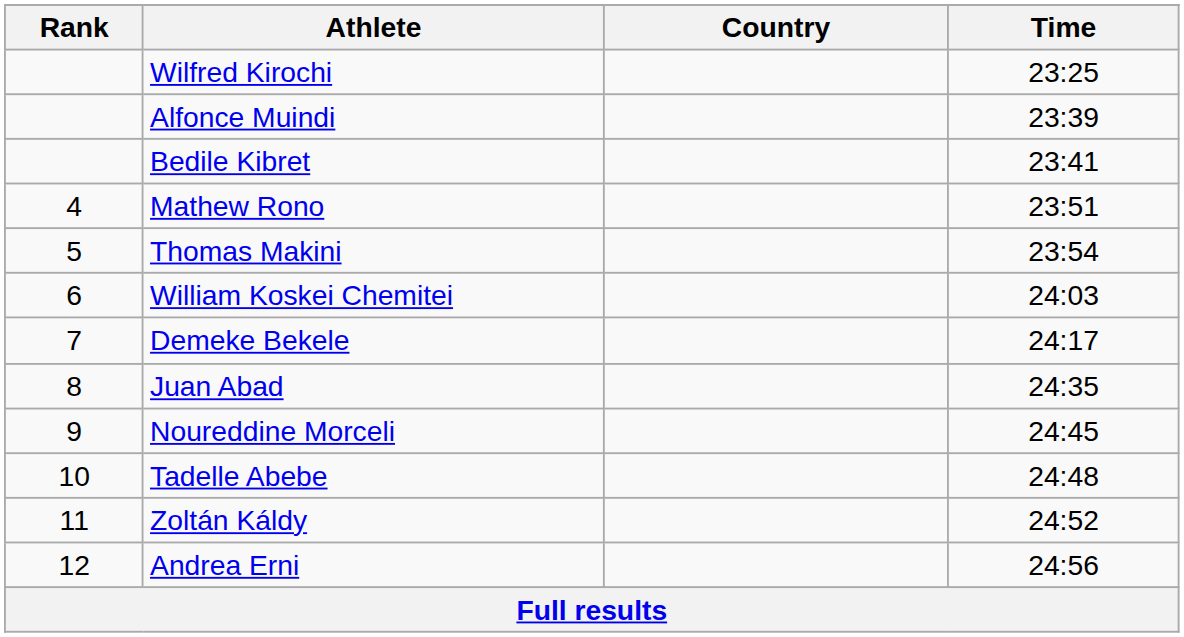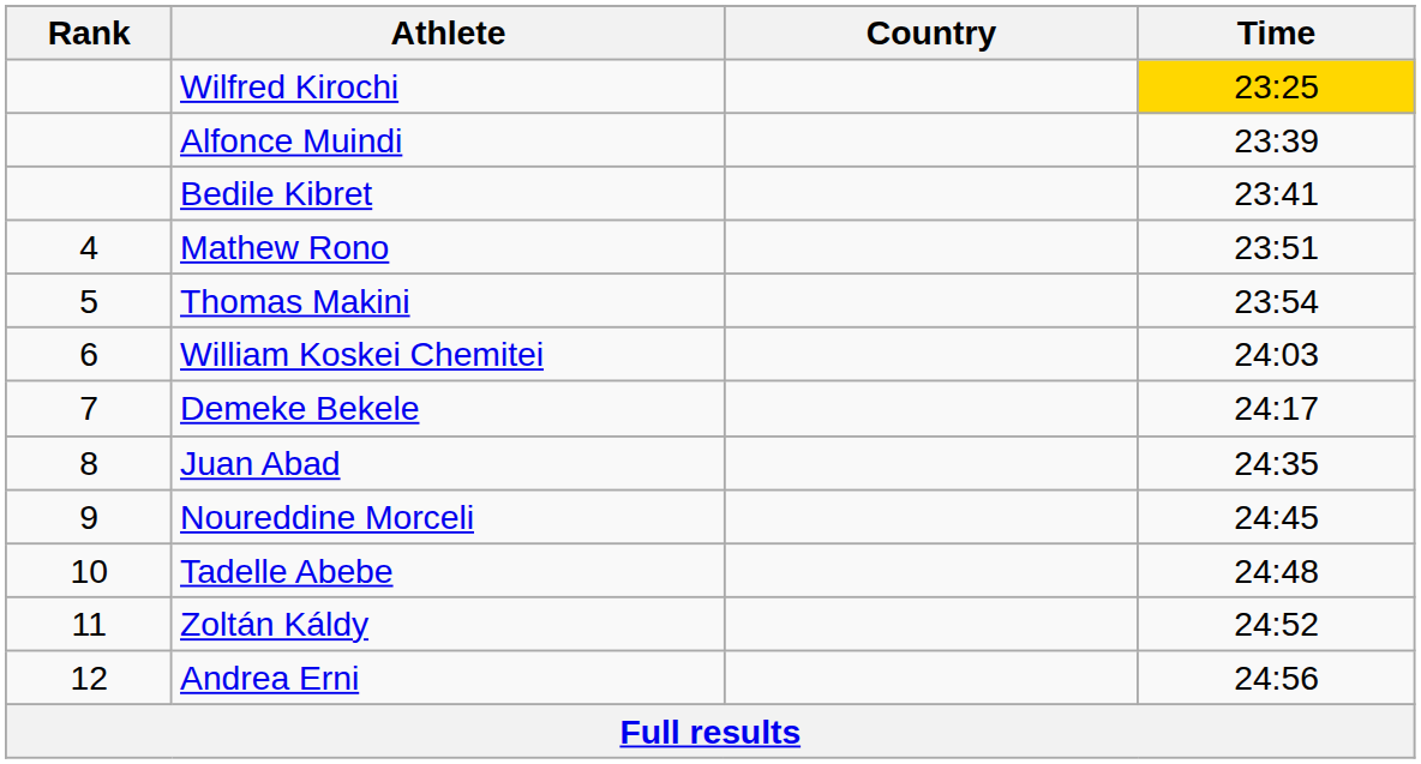 <table class="wikitable sortable" style=" text-align:center; font-size:95%;" width="50%">
 <tr>
 </tr>
 <tr>
 <th width=5%>Rank</th>
 <th width=20%>Athlete</th>
 <th width=15%>Country</th>
 <th width=10%>Time</th>
 </tr>
 <tr>
 <td align=center></td>
 <td align=left><a href='#'>Wilfred Kirochi</a></td>
 <td align=left></td>
-<td>23:25</td>
+<td style="background: gold;">23:25</td>
 </tr>
 <tr>
 <td align=center></td>
 <td align=left><a href='#'>Alfonce Muindi</a></td>
 <td align=left></td>
 <td>23:39</td>
 </tr>
 <tr>
 <td align=center></td>
 <td align=left><a href='#'>Bedile Kibret</a></td>
 <td align=left></td>
 <td>23:41</td>
 </tr>
 <tr>
 <td align=center>4</td>
 <td align=left><a href='#'>Mathew Rono</a></td>
 <td align=left></td>
 <td>23:51</td>
 </tr>
 <tr>
 <td align=center>5</td>
 <td align=left><a href='#'>Thomas Makini</a></td>
 <td align=left></td>
 <td>23:54</td>
 </tr>
 <tr>
 <td align=center>6</td>
 <td align=left><a href='#'>William Koskei Chemitei</a></td>
 <td align=left></td>
 <td>24:03</td>
 </tr>
 <tr>
 <td align=center>7</td>
 <td align=left><a href='#'>Demeke Bekele</a></td>
 <td align=left></td>
 <td>24:17</td>
 </tr>
 <tr>
 <td align=center>8</td>
 <td align=left><a href='#'>Juan Abad</a></td>
 <td align=left></td>
 <td>24:35</td>
 </tr>
 <tr>
 <td align=center>9</td>
 <td align=left><a href='#'>Noureddine Morceli</a></td>
 <td align=left></td>
 <td>24:45</td>
 </tr>
 <tr>
 <td align=center>10</td>
 <td align=left><a href='#'>Tadelle Abebe</a></td>
 <td align=left></td>
 <td>24:48</td>
 </tr>
 <tr>
 <td align=center>11</td>
 <td align=left><a href='#'>Zoltán Káldy</a></td>
 <td align=left></td>
 <td>24:52</td>
 </tr>
 <tr>
 <td align=center>12</td>
 <td align=left><a href='#'>Andrea Erni</a></td>
 <td align=left></td>
 <td>24:56</td>
 </tr>
 <tr class="sortbottom">
 <th colspan=4 align=center><a href='#'>Full results</a></th>
 </tr>
 </table>
